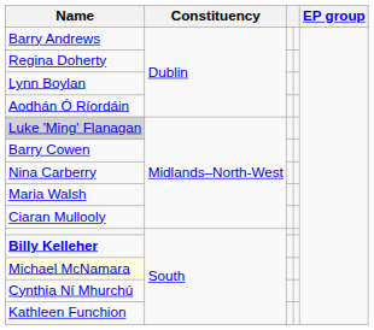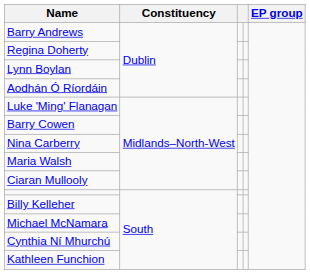 <table class="wikitable sortable">
 <tr>
 <th>Name</th>
 <th>Constituency</th>
 <th colspan=2></th>
 <th colspan=2><a href='#'>EP group</a></th>
 </tr>
 <tr>
 <td><a href='#'>Barry Andrews</a></td>
 <td rowspan="4"><a href='#'>Dublin</a></td>
 <td></td>
 <td></td>
 </tr>
 <tr>
 <td><a href='#'>Regina Doherty</a></td>
 <td></td>
 <td></td>
 </tr>
 <tr>
 <td><a href='#'>Lynn Boylan</a></td>
 <td></td>
 <td></td>
 </tr>
 <tr>
 <td><a href='#'>Aodhán Ó Ríordáin</a></td>
 <td></td>
 <td></td>
 </tr>
 <tr>
-<td style="background: lightgrey;"><a href='#'>Luke 'Ming' Flanagan</a></td>
+<td><a href='#'>Luke 'Ming' Flanagan</a></td>
 <td rowspan="5"><a href='#'>Midlands–North-West</a></td>
 <td></td>
 <td></td>
 </tr>
 <tr>
 <td><a href='#'>Barry Cowen</a></td>
 <td></td>
 <td></td>
 </tr>
 <tr>
 <td><a href='#'>Nina Carberry</a></td>
 <td></td>
 <td></td>
 </tr>
 <tr>
 <td><a href='#'>Maria Walsh</a></td>
 <td></td>
 <td></td>
 </tr>
 <tr>
 <td><a href='#'>Ciaran Mullooly</a></td>
 <td></td>
 <td></td>
 </tr>
 <tr>
 <td></td>
 <td rowspan="5"><a href='#'>South</a></td>
 <td></td>
 <td></td>
 </tr>
 <tr>
-<td><strong><a href='#'>Billy Kelleher</a></strong></td>
+<td><a href='#'>Billy Kelleher</a></td>
 <td></td>
 <td></td>
 </tr>
 <tr>
-<td style="background: lightyellow;"><a href='#'>Michael McNamara</a></td>
+<td><a href='#'>Michael McNamara</a></td>
 <td></td>
 <td></td>
 </tr>
 <tr>
 <td><a href='#'>Cynthia Ní Mhurchú</a></td>
 <td></td>
 <td></td>
 </tr>
 <tr>
 <td><a href='#'>Kathleen Funchion</a></td>
 <td></td>
 <td></td>
 </tr>
 </table>
